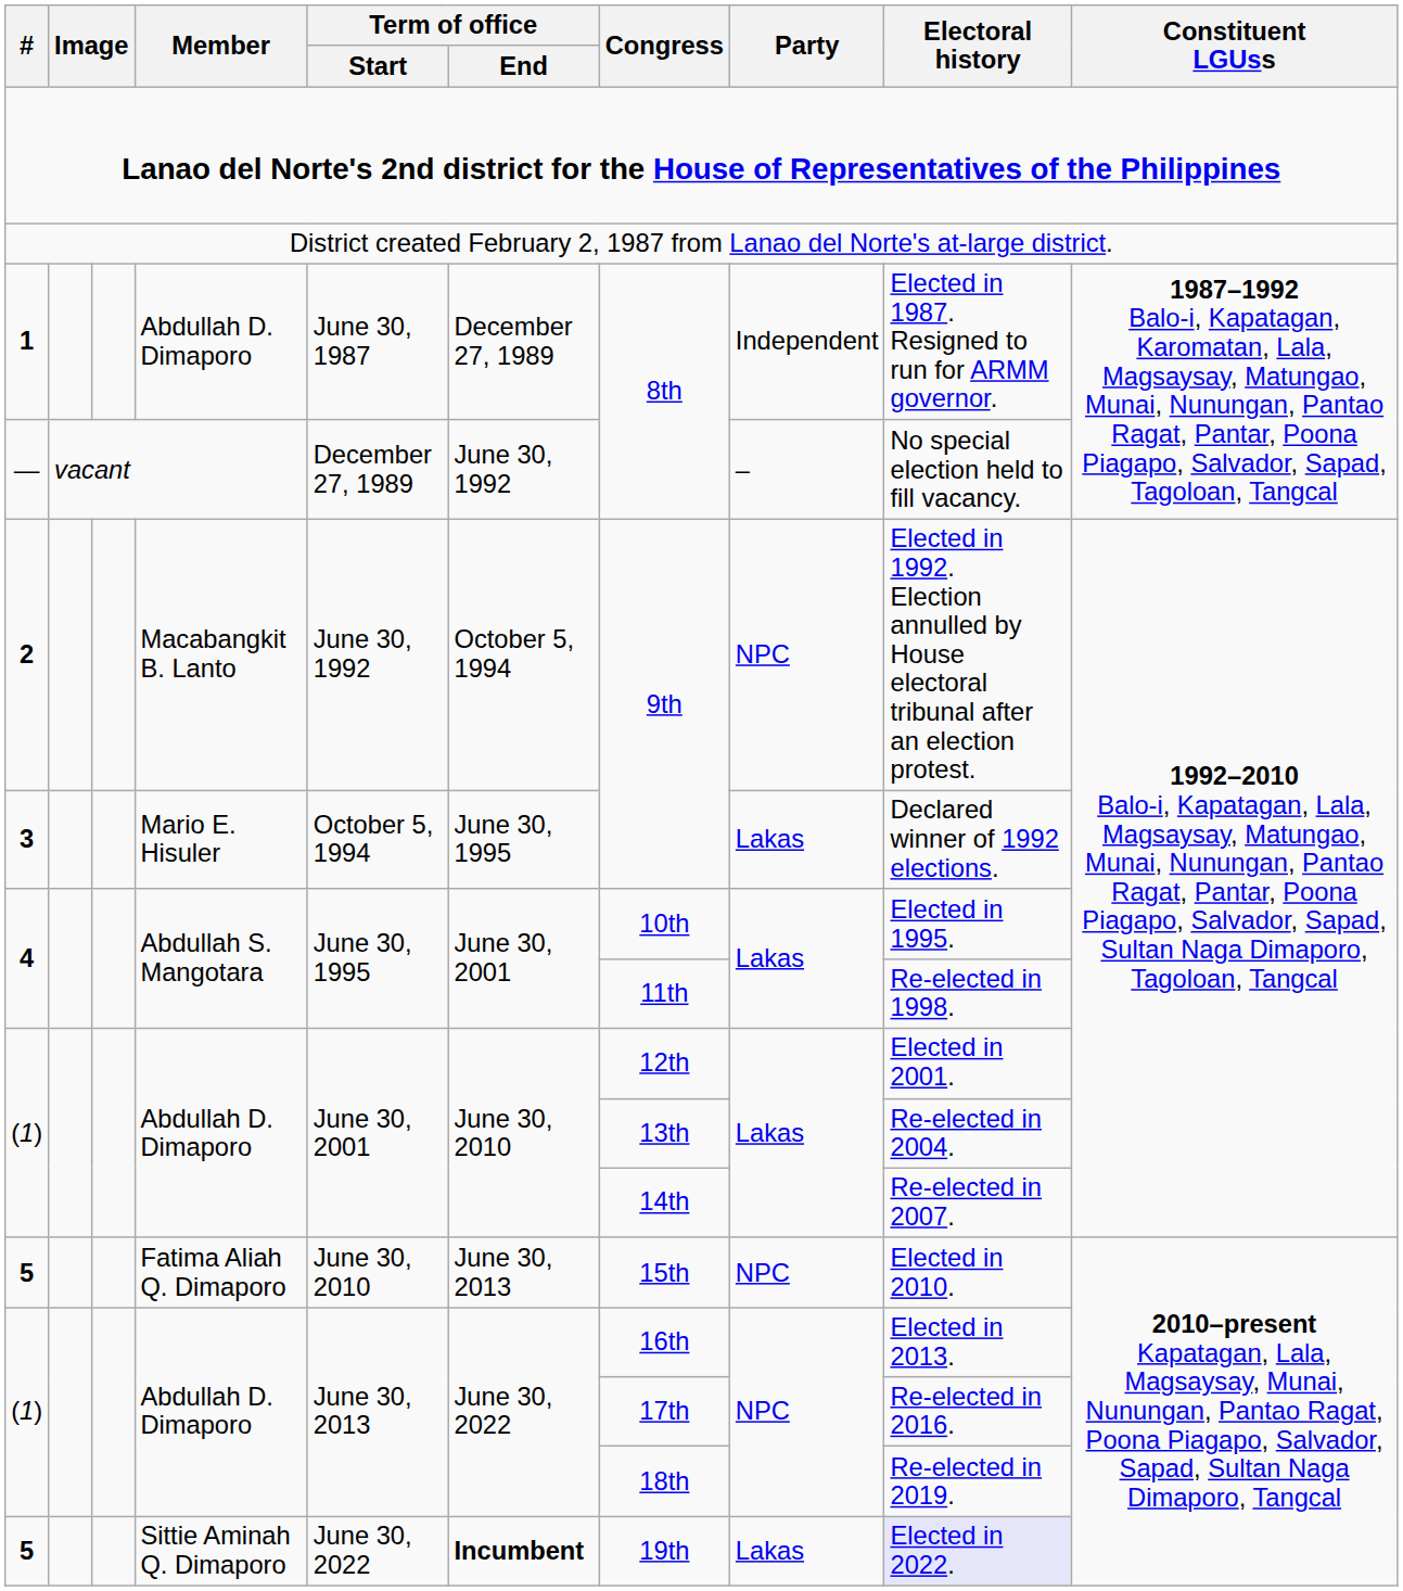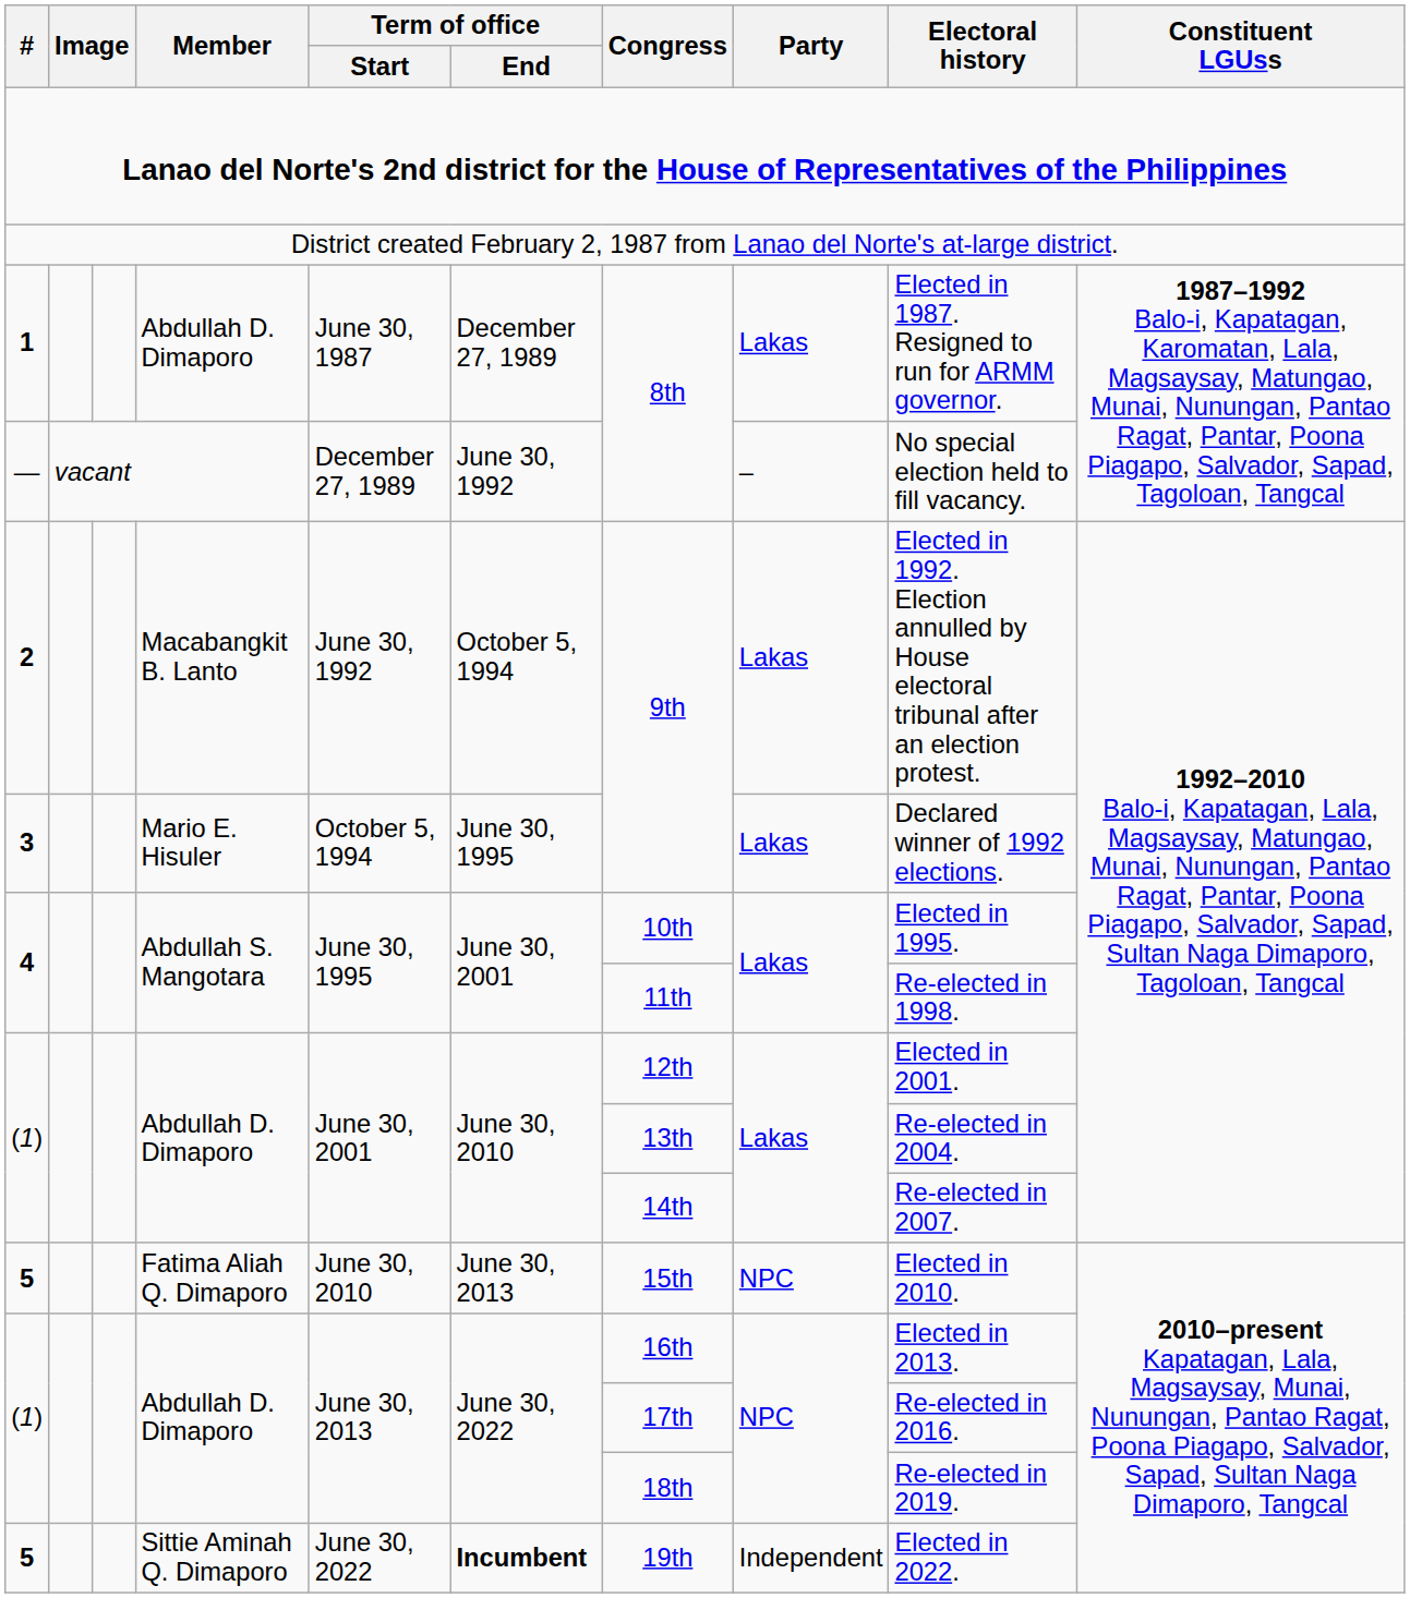 <table class=wikitable>
 <tr>
 <th rowspan="2">#</th>
 <th rowspan="2" colspan=2>Image</th>
 <th rowspan="2">Member</th>
 <th colspan=2>Term of office</th>
 <th rowspan="2">Congress</th>
 <th rowspan="2">Party</th>
 <th rowspan="2">Electoral history</th>
 <th rowspan="2">Constituent<br><a href='#'>LGUs</a>s</th>
 </tr>
 <tr>
 <th>Start</th>
 <th>End</th>
 </tr>
 <tr>
 <td colspan="10" style="text-align:center;"><br><h3>Lanao del Norte's 2nd district for the <a href='#'>House of Representatives of the Philippines</a></h3></td>
 </tr>
 <tr>
 <td colspan="10" style="text-align:center;">District created February 2, 1987 from <a href='#'>Lanao del Norte's at-large district</a>.</td>
 </tr>
 <tr>
 <td style="text-align:center;"><strong>1</strong></td>
 <td style="color:inherit;background:"></td>
 <td></td>
 <td>Abdullah D. Dimaporo</td>
 <td>June 30, 1987</td>
 <td>December 27, 1989</td>
 <td rowspan="2" style="text-align:center;"><a href='#'>8th</a></td>
-<td>Independent</td>
+<td><a href='#'>Lakas</a></td>
 <td><a href='#'>Elected in 1987</a>.<br>Resigned to run for <a href='#'>ARMM governor</a>.</td>
 <td rowspan="2" style="text-align:center;"><strong>1987–1992</strong><br><a href='#'>Balo-i</a>, <a href='#'>Kapatagan</a>, <a href='#'>Karomatan</a>, <a href='#'>Lala</a>, <a href='#'>Magsaysay</a>, <a href='#'>Matungao</a>, <a href='#'>Munai</a>, <a href='#'>Nunungan</a>, <a href='#'>Pantao Ragat</a>, <a href='#'>Pantar</a>, <a href='#'>Poona Piagapo</a>, <a href='#'>Salvador</a>, <a href='#'>Sapad</a>, <a href='#'>Tagoloan</a>, <a href='#'>Tangcal</a></td>
 </tr>
 <tr>
 <td style="text-align:center;">—</td>
 <td colspan="3"><em>vacant</em></td>
 <td>December 27, 1989</td>
 <td>June 30, 1992</td>
 <td>–</td>
 <td>No special election held to fill vacancy.</td>
 </tr>
 <tr>
 <td style="text-align:center;"><strong>2</strong></td>
 <td style="color:inherit;background:"></td>
 <td></td>
 <td>Macabangkit B. Lanto</td>
 <td>June 30, 1992</td>
 <td>October 5, 1994</td>
 <td rowspan="2" style="text-align:center;"><a href='#'>9th</a></td>
-<td><a href='#'>NPC</a></td>
+<td><a href='#'>Lakas</a></td>
 <td><a href='#'>Elected in 1992</a>.<br>Election annulled by House electoral tribunal after an election protest.</td>
 <td rowspan="7" style="text-align:center;"><strong>1992–2010</strong><br><a href='#'>Balo-i</a>, <a href='#'>Kapatagan</a>, <a href='#'>Lala</a>, <a href='#'>Magsaysay</a>, <a href='#'>Matungao</a>, <a href='#'>Munai</a>, <a href='#'>Nunungan</a>, <a href='#'>Pantao Ragat</a>, <a href='#'>Pantar</a>, <a href='#'>Poona Piagapo</a>, <a href='#'>Salvador</a>, <a href='#'>Sapad</a>, <a href='#'>Sultan Naga Dimaporo</a>, <a href='#'>Tagoloan</a>, <a href='#'>Tangcal</a></td>
 </tr>
 <tr>
 <td style="text-align:center;"><strong>3</strong></td>
 <td style="color:inherit;background:"></td>
 <td></td>
 <td>Mario E. Hisuler</td>
 <td>October 5, 1994</td>
 <td>June 30, 1995</td>
 <td><a href='#'>Lakas</a></td>
 <td>Declared winner of <a href='#'>1992 elections</a>.</td>
 </tr>
 <tr>
 <td rowspan="2" style="text-align:center;"><strong>4</strong></td>
 <td rowspan="2" style="color:inherit;background:"></td>
 <td rowspan="2"></td>
 <td rowspan="2">Abdullah S. Mangotara</td>
 <td rowspan="2">June 30, 1995</td>
 <td rowspan="2">June 30, 2001</td>
 <td style="text-align:center;"><a href='#'>10th</a></td>
 <td rowspan="2"><a href='#'>Lakas</a></td>
 <td><a href='#'>Elected in 1995</a>.</td>
 </tr>
 <tr>
 <td style="text-align:center;"><a href='#'>11th</a></td>
 <td><a href='#'>Re-elected in 1998</a>.</td>
 </tr>
 <tr>
 <td rowspan="3" style="text-align:center;">(<em>1</em>)</td>
 <td rowspan="3" style="color:inherit;background:"></td>
 <td rowspan="3"></td>
 <td rowspan="3">Abdullah D. Dimaporo</td>
 <td rowspan="3">June 30, 2001</td>
 <td rowspan="3">June 30, 2010</td>
 <td style="text-align:center;"><a href='#'>12th</a></td>
 <td rowspan="3"><a href='#'>Lakas</a></td>
 <td><a href='#'>Elected in 2001</a>.</td>
 </tr>
 <tr>
 <td style="text-align:center;"><a href='#'>13th</a></td>
 <td><a href='#'>Re-elected in 2004</a>.</td>
 </tr>
 <tr>
 <td style="text-align:center;"><a href='#'>14th</a></td>
 <td><a href='#'>Re-elected in 2007</a>.</td>
 </tr>
 <tr>
 <td style="text-align:center;"><strong>5</strong></td>
 <td style="color:inherit;background:"></td>
 <td></td>
 <td>Fatima Aliah Q. Dimaporo</td>
 <td>June 30, 2010</td>
 <td>June 30, 2013</td>
 <td style="text-align:center;"><a href='#'>15th</a></td>
 <td><a href='#'>NPC</a></td>
 <td><a href='#'>Elected in 2010</a>.</td>
 <td rowspan=99 style="text-align:center;"><strong>2010–present</strong><br><a href='#'>Kapatagan</a>, <a href='#'>Lala</a>, <a href='#'>Magsaysay</a>, <a href='#'>Munai</a>, <a href='#'>Nunungan</a>, <a href='#'>Pantao Ragat</a>, <a href='#'>Poona Piagapo</a>, <a href='#'>Salvador</a>, <a href='#'>Sapad</a>, <a href='#'>Sultan Naga Dimaporo</a>, <a href='#'>Tangcal</a></td>
 </tr>
 <tr>
 <td rowspan="3" style="text-align:center;">(<em>1</em>)</td>
 <td rowspan="3" style="color:inherit;background:"></td>
 <td rowspan="3"></td>
 <td rowspan="3">Abdullah D. Dimaporo</td>
 <td rowspan="3">June 30, 2013</td>
 <td rowspan="3">June 30, 2022</td>
 <td style="text-align:center;"><a href='#'>16th</a></td>
 <td rowspan="3"><a href='#'>NPC</a></td>
 <td><a href='#'>Elected in 2013</a>.</td>
 </tr>
 <tr>
 <td style="text-align:center;"><a href='#'>17th</a></td>
 <td><a href='#'>Re-elected in 2016</a>.</td>
 </tr>
 <tr>
 <td style="text-align:center;"><a href='#'>18th</a></td>
 <td><a href='#'>Re-elected in 2019</a>.</td>
 </tr>
 <tr>
 <td style="text-align:center;"><strong>5</strong></td>
 <td style="color:inherit;background:"></td>
 <td></td>
 <td>Sittie Aminah Q. Dimaporo</td>
 <td>June 30, 2022</td>
 <td><strong>Incumbent</strong></td>
 <td style="text-align:center;"><a href='#'>19th</a></td>
-<td><a href='#'>Lakas</a></td>
-<td style="background: lavender;"><a href='#'>Elected in 2022</a>.</td>
+<td>Independent</td>
+<td><a href='#'>Elected in 2022</a>.</td>
 </tr>
 </table>
